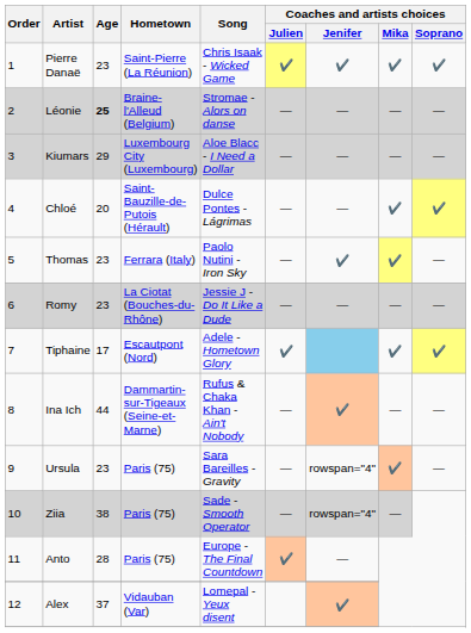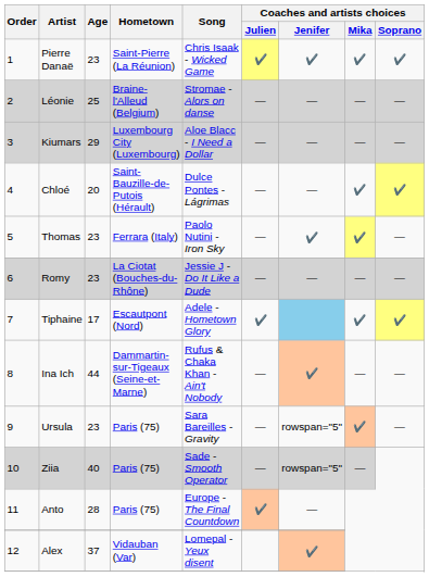 <table class="wikitable" style="width:100%;">
 <tr>
 <th rowspan="2" scope="col">Order</th>
 <th rowspan="2" scope="col">Artist</th>
 <th rowspan="2" scope="col">Age</th>
 <th rowspan="2" scope="col">Hometown</th>
 <th rowspan="2" scope="col">Song</th>
 <th colspan="4" scope="col">Coaches and artists choices</th>
 </tr>
 <tr>
 <th scope="col" width="70"><a href='#'>Julien</a></th>
 <th scope="col" width="70"><a href='#'>Jenifer</a></th>
 <th scope="col" width="70"><a href='#'>Mika</a></th>
 <th scope="col" width="70"><a href='#'>Soprano</a></th>
 </tr>
 <tr>
 <td>1</td>
 <td>Pierre Danaë</td>
 <td>23</td>
 <td><a href='#'>Saint-Pierre</a> (<a href='#'>La Réunion</a>)</td>
 <td><a href='#'>Chris Isaak</a> - <em><a href='#'>Wicked Game</a></em></td>
 <td style="background:#FFFF80;text-align:center;">✔️</td>
 <td style="text-align:center;">✔️</td>
 <td style="text-align:center;">✔️</td>
 <td style="text-align:center;">✔️</td>
 </tr>
 <tr style="background:lightgrey">
 <td>2</td>
 <td>Léonie</td>
-<td><strong>25</strong></td>
+<td>25</td>
 <td><a href='#'>Braine-l'Alleud</a> (<a href='#'>Belgium</a>)</td>
 <td><a href='#'>Stromae</a> - <em><a href='#'>Alors on danse</a></em></td>
 <td style="text-align:center;">—</td>
 <td style="text-align:center;">—</td>
 <td style="text-align:center;">—</td>
 <td style="text-align:center;">—</td>
 </tr>
 <tr style="background:lightgrey">
 <td>3</td>
 <td>Kiumars</td>
 <td>29</td>
 <td><a href='#'>Luxembourg City</a> (<a href='#'>Luxembourg</a>)</td>
 <td><a href='#'>Aloe Blacc</a> - <em><a href='#'>I Need a Dollar</a></em></td>
 <td style="text-align:center;">—</td>
 <td style="text-align:center;">—</td>
 <td style="text-align:center;">—</td>
 <td style="text-align:center;">—</td>
 </tr>
 <tr>
 <td>4</td>
 <td>Chloé</td>
 <td>20</td>
 <td><a href='#'>Saint-Bauzille-de-Putois</a> (<a href='#'>Hérault</a>)</td>
 <td><a href='#'>Dulce Pontes</a> - <em>Lágrimas</em></td>
 <td style="text-align:center;">—</td>
 <td style="text-align:center;">—</td>
 <td style="text-align:center;">✔️</td>
 <td style="background:#FFFF80;text-align:center;">✔️</td>
 </tr>
 <tr>
 <td>5</td>
 <td>Thomas</td>
 <td>23</td>
 <td><a href='#'>Ferrara</a> (<a href='#'>Italy</a>)</td>
 <td><a href='#'>Paolo Nutini</a> - <em>Iron Sky</em></td>
 <td style="text-align:center;">—</td>
 <td style="text-align:center;">✔️</td>
 <td style="background:#FFFF80;text-align:center;">✔️</td>
 <td style="text-align:center;">—</td>
 </tr>
 <tr style="background:lightgrey">
 <td>6</td>
 <td>Romy</td>
 <td>23</td>
 <td><a href='#'>La Ciotat</a> (<a href='#'>Bouches-du-Rhône</a>)</td>
 <td><a href='#'>Jessie J</a> - <em><a href='#'>Do It Like a Dude</a></em></td>
 <td style="text-align:center;">—</td>
 <td style="text-align:center;">—</td>
 <td style="text-align:center;">—</td>
 <td style="text-align:center;">—</td>
 </tr>
 <tr>
 <td>7</td>
 <td>Tiphaine</td>
 <td>17</td>
 <td><a href='#'>Escautpont</a> (<a href='#'>Nord</a>)</td>
 <td><a href='#'>Adele</a> - <em><a href='#'>Hometown Glory</a></em></td>
 <td style="text-align:center;">✔️</td>
 <td style="background:#87ceeb;text-align:center;"><strong></strong></td>
 <td style="text-align:center;">✔️</td>
 <td style="background:#FFFF80;text-align:center;">✔️</td>
 </tr>
 <tr>
 <td>8</td>
 <td>Ina Ich</td>
 <td>44</td>
 <td><a href='#'>Dammartin-sur-Tigeaux</a> (<a href='#'>Seine-et-Marne</a>)</td>
 <td><a href='#'>Rufus</a> & <a href='#'>Chaka Khan</a> - <em><a href='#'>Ain't Nobody</a></em></td>
 <td style="text-align:center;">—</td>
 <td style="background:#FFC59D;text-align:center;">✔️</td>
 <td style="text-align:center;">—</td>
 <td style="text-align:center;">—</td>
 </tr>
 <tr>
 <td>9</td>
 <td>Ursula</td>
 <td>23</td>
 <td><a href='#'>Paris</a> (75)</td>
 <td><a href='#'>Sara Bareilles</a> - <em>Gravity</em></td>
 <td style="text-align:center;">—</td>
-<td>rowspan="4" </td>
+<td>rowspan="5" </td>
 <td style="background:#FFC59D;text-align:center;">✔️</td>
 <td style="text-align:center;">—</td>
 </tr>
 <tr style="background:lightgrey">
 <td>10</td>
 <td>Ziia</td>
-<td>38</td>
+<td>40</td>
 <td><a href='#'>Paris</a> (75)</td>
 <td><a href='#'>Sade</a> - <em><a href='#'>Smooth Operator</a></em></td>
 <td style="text-align:center;">—</td>
-<td>rowspan="4" </td>
+<td>rowspan="5" </td>
 <td style="text-align:center;">—</td>
 </tr>
 <tr>
 <td>11</td>
 <td>Anto</td>
 <td>28</td>
 <td><a href='#'>Paris</a> (75)</td>
 <td><a href='#'>Europe</a> - <em><a href='#'>The Final Countdown</a></em></td>
 <td style="background:#FFC59D;text-align:center;">✔️</td>
 <td style="text-align:center;">—</td>
 </tr>
 <tr>
 </tr>
 <tr>
 <td>12</td>
 <td>Alex</td>
 <td>37</td>
 <td><a href='#'>Vidauban</a> (<a href='#'>Var</a>)</td>
 <td><a href='#'>Lomepal</a> - <em><a href='#'>Yeux disent</a></em></td>
 <td></td>
 <td style="background:#FFC59D;text-align:center;">✔️</td>
 </tr>
 <tr>
 </tr>
 </table>
